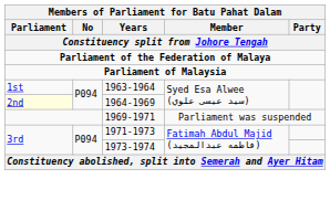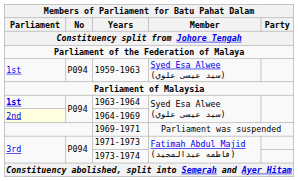 <table class=wikitable>
 <tr>
 <th colspan="5">Members of Parliament for Batu Pahat Dalam</th>
 </tr>
 <tr>
 <th>Parliament</th>
 <th>No</th>
 <th>Years</th>
 <th>Member</th>
 <th>Party</th>
 </tr>
 <tr>
 <th colspan="5" align="center"><em>Constituency split from <a href='#'>Johore Tengah</a></em></th>
 </tr>
 <tr>
 <td colspan="5" align="center"><strong>Parliament of the Federation of Malaya</strong></td>
 </tr>
 <tr>
+<td><a href='#'>1st</a></td>
+<td>P094</td>
+<td>1959-1963</td>
+<td><a href='#'>Syed Esa Alwee</a> <br> (سيد عيسى علوي)</td>
+<td></td>
+</tr>
+<tr>
 <td colspan="5" align="center"><strong>Parliament of Malaysia</strong></td>
 </tr>
 <tr>
-<td><a href='#'>1st</a></td>
+<td><strong><a href='#'>1st</a></strong></td>
 <td rowspan="2">P094</td>
 <td>1963-1964</td>
 <td rowspan=2>Syed Esa Alwee  <br>(سيد عيسى علوي)</td>
 <td rowspan=2></td>
 </tr>
 <tr>
 <td style="background: lightyellow;"><a href='#'>2nd</a></td>
 <td>1964-1969</td>
 </tr>
 <tr>
 <td colspan="2"></td>
 <td>1969-1971</td>
 <td colspan=2 align=center>Parliament was suspended</td>
 </tr>
 <tr>
 <td rowspan=2><a href='#'>3rd</a></td>
 <td rowspan="2">P094</td>
 <td>1971-1973</td>
 <td rowspan=2><a href='#'>Fatimah Abdul Majid</a> <br> (فاطمه عبدالمجيد)</td>
 <td></td>
 </tr>
 <tr>
 <td>1973-1974</td>
 <td></td>
 </tr>
 <tr>
 <th colspan="5" align="center"><em>Constituency abolished, split into <a href='#'>Semerah</a> and <a href='#'>Ayer Hitam</a></em></th>
 </tr>
 </table>
